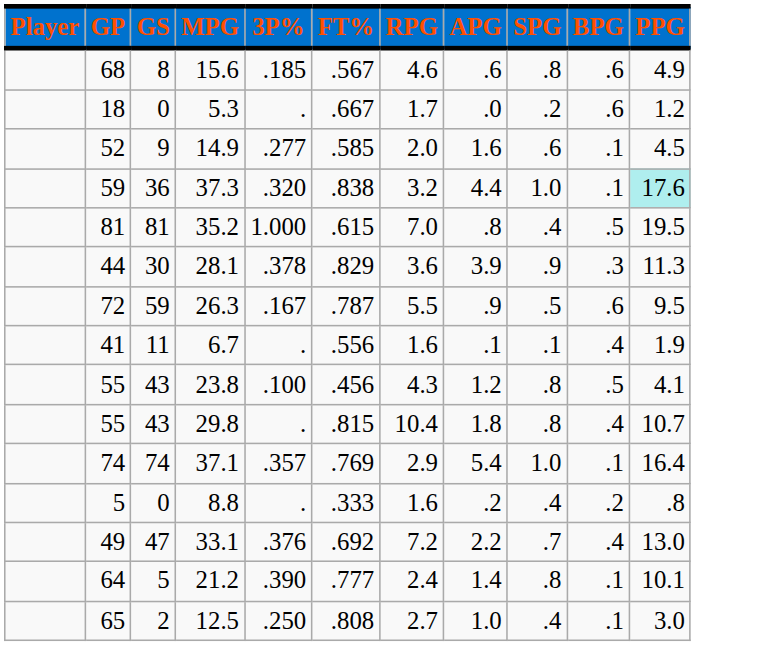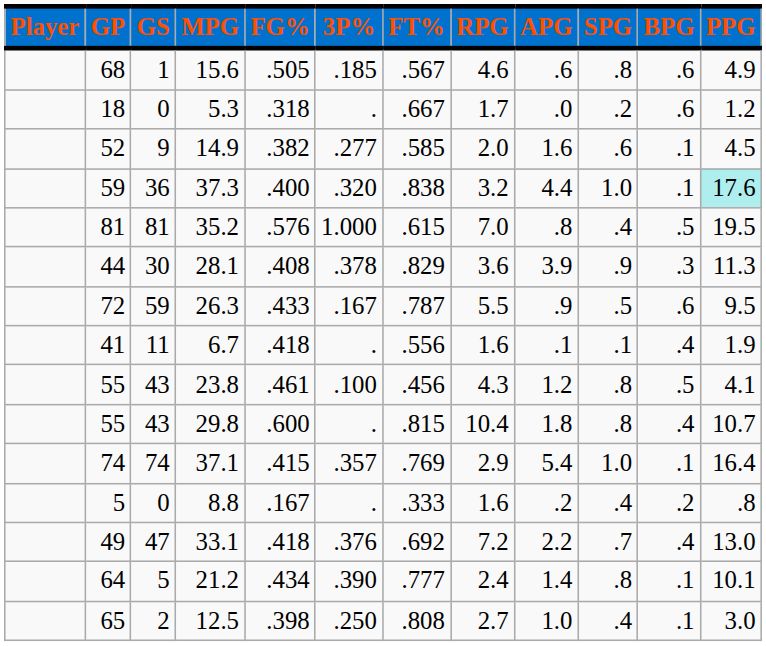 <table class="wikitable sortable" style="text-align:right;">
 <tr>
 <th style="background:#0072CE; color:#FE5000; border-top:#010101 3px solid; border-bottom:#010101 3px solid;">Player</th>
 <th style="background:#0072CE; color:#FE5000; border-top:#010101 3px solid; border-bottom:#010101 3px solid;">GP</th>
 <th style="background:#0072CE; color:#FE5000; border-top:#010101 3px solid; border-bottom:#010101 3px solid;">GS</th>
 <th style="background:#0072CE; color:#FE5000; border-top:#010101 3px solid; border-bottom:#010101 3px solid;">MPG</th>
+<th style="background:#0072CE; color:#FE5000; border-top:#010101 3px solid; border-bottom:#010101 3px solid;">FG%</th>
 <th style="background:#0072CE; color:#FE5000; border-top:#010101 3px solid; border-bottom:#010101 3px solid;">3P%</th>
 <th style="background:#0072CE; color:#FE5000; border-top:#010101 3px solid; border-bottom:#010101 3px solid;">FT%</th>
 <th style="background:#0072CE; color:#FE5000; border-top:#010101 3px solid; border-bottom:#010101 3px solid;">RPG</th>
 <th style="background:#0072CE; color:#FE5000; border-top:#010101 3px solid; border-bottom:#010101 3px solid;">APG</th>
 <th style="background:#0072CE; color:#FE5000; border-top:#010101 3px solid; border-bottom:#010101 3px solid;">SPG</th>
 <th style="background:#0072CE; color:#FE5000; border-top:#010101 3px solid; border-bottom:#010101 3px solid;">BPG</th>
 <th style="background:#0072CE; color:#FE5000; border-top:#010101 3px solid; border-bottom:#010101 3px solid;">PPG</th>
 </tr>
 <tr>
 <td></td>
 <td>68</td>
-<td>8</td>
+<td>1</td>
 <td>15.6</td>
+<td>.505</td>
 <td>.185</td>
 <td>.567</td>
 <td>4.6</td>
 <td>.6</td>
 <td>.8</td>
 <td>.6</td>
 <td>4.9</td>
 </tr>
 <tr>
 <td></td>
 <td>18</td>
 <td>0</td>
 <td>5.3</td>
+<td>.318</td>
 <td>.</td>
 <td>.667</td>
 <td>1.7</td>
 <td>.0</td>
 <td>.2</td>
 <td>.6</td>
 <td>1.2</td>
 </tr>
 <tr>
 <td></td>
 <td>52</td>
 <td>9</td>
 <td>14.9</td>
+<td>.382</td>
 <td>.277</td>
 <td>.585</td>
 <td>2.0</td>
 <td>1.6</td>
 <td>.6</td>
 <td>.1</td>
 <td>4.5</td>
 </tr>
 <tr>
 <td></td>
 <td>59</td>
 <td>36</td>
 <td>37.3</td>
+<td>.400</td>
 <td>.320</td>
 <td>.838</td>
 <td>3.2</td>
 <td>4.4</td>
 <td>1.0</td>
 <td>.1</td>
 <td style="background: paleturquoise;">17.6</td>
 </tr>
 <tr>
 <td></td>
 <td>81</td>
 <td>81</td>
 <td>35.2</td>
+<td>.576</td>
 <td>1.000</td>
 <td>.615</td>
 <td>7.0</td>
 <td>.8</td>
 <td>.4</td>
 <td>.5</td>
 <td>19.5</td>
 </tr>
 <tr>
 <td></td>
 <td>44</td>
 <td>30</td>
 <td>28.1</td>
+<td>.408</td>
 <td>.378</td>
 <td>.829</td>
 <td>3.6</td>
 <td>3.9</td>
 <td>.9</td>
 <td>.3</td>
 <td>11.3</td>
 </tr>
 <tr>
 <td></td>
 <td>72</td>
 <td>59</td>
 <td>26.3</td>
+<td>.433</td>
 <td>.167</td>
 <td>.787</td>
 <td>5.5</td>
 <td>.9</td>
 <td>.5</td>
 <td>.6</td>
 <td>9.5</td>
 </tr>
 <tr>
 <td></td>
 <td>41</td>
 <td>11</td>
 <td>6.7</td>
+<td>.418</td>
 <td>.</td>
 <td>.556</td>
 <td>1.6</td>
 <td>.1</td>
 <td>.1</td>
 <td>.4</td>
 <td>1.9</td>
 </tr>
 <tr>
 <td></td>
 <td>55</td>
 <td>43</td>
 <td>23.8</td>
+<td>.461</td>
 <td>.100</td>
 <td>.456</td>
 <td>4.3</td>
 <td>1.2</td>
 <td>.8</td>
 <td>.5</td>
 <td>4.1</td>
 </tr>
 <tr>
 <td></td>
 <td>55</td>
 <td>43</td>
 <td>29.8</td>
+<td>.600</td>
 <td>.</td>
 <td>.815</td>
 <td>10.4</td>
 <td>1.8</td>
 <td>.8</td>
 <td>.4</td>
 <td>10.7</td>
 </tr>
 <tr>
 <td></td>
 <td>74</td>
 <td>74</td>
 <td>37.1</td>
+<td>.415</td>
 <td>.357</td>
 <td>.769</td>
 <td>2.9</td>
 <td>5.4</td>
 <td>1.0</td>
 <td>.1</td>
 <td>16.4</td>
 </tr>
 <tr>
 <td></td>
 <td>5</td>
 <td>0</td>
 <td>8.8</td>
+<td>.167</td>
 <td>.</td>
 <td>.333</td>
 <td>1.6</td>
 <td>.2</td>
 <td>.4</td>
 <td>.2</td>
 <td>.8</td>
 </tr>
 <tr>
 <td></td>
 <td>49</td>
 <td>47</td>
 <td>33.1</td>
+<td>.418</td>
 <td>.376</td>
 <td>.692</td>
 <td>7.2</td>
 <td>2.2</td>
 <td>.7</td>
 <td>.4</td>
 <td>13.0</td>
 </tr>
 <tr>
 <td></td>
 <td>64</td>
 <td>5</td>
 <td>21.2</td>
+<td>.434</td>
 <td>.390</td>
 <td>.777</td>
 <td>2.4</td>
 <td>1.4</td>
 <td>.8</td>
 <td>.1</td>
 <td>10.1</td>
 </tr>
 <tr>
 <td></td>
 <td>65</td>
 <td>2</td>
 <td>12.5</td>
+<td>.398</td>
 <td>.250</td>
 <td>.808</td>
 <td>2.7</td>
 <td>1.0</td>
 <td>.4</td>
 <td>.1</td>
 <td>3.0</td>
 </tr>
 </table>
